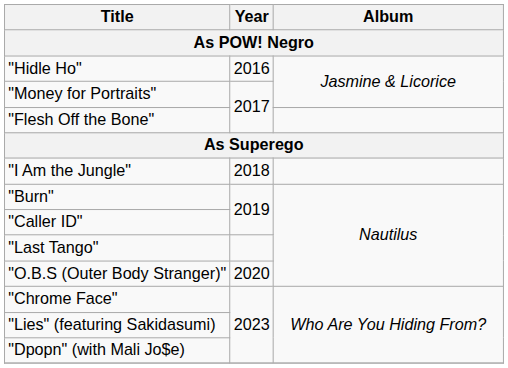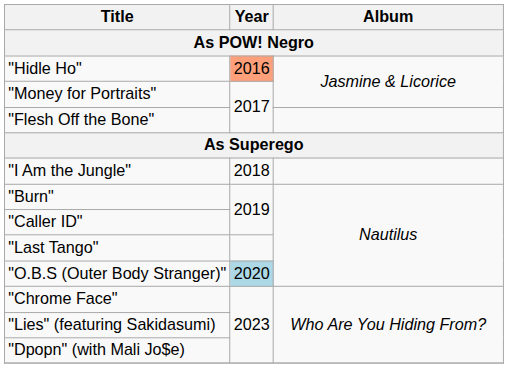 <table class="wikitable" style="text-align:center;">
 <tr>
 <th scope="col">Title</th>
 <th scope="col">Year</th>
 <th scope="col" width="220">Album</th>
 </tr>
 <tr>
 <th colspan="3">As <strong>POW! Negro</strong></th>
 </tr>
 <tr>
 <td align="left">"Hidle Ho"</td>
-<td>2016</td>
+<td style="background: lightsalmon;">2016</td>
 <td rowspan="2"><em>Jasmine & Licorice</em></td>
 </tr>
 <tr>
 <td align="left">"Money for Portraits"</td>
 <td rowspan="2">2017</td>
 </tr>
 <tr>
 <td align="left">"Flesh Off the Bone"</td>
 <td></td>
 </tr>
 <tr>
 <th colspan="3">As <strong>Superego</strong></th>
 </tr>
 <tr>
 <td align="left">"I Am the Jungle"</td>
 <td>2018</td>
 <td></td>
 </tr>
 <tr>
 <td align="left">"Burn"</td>
 <td rowspan="2">2019</td>
 <td rowspan="4"><em>Nautilus</em></td>
 </tr>
 <tr>
 <td align="left">"Caller ID"</td>
 </tr>
 <tr>
 <td align="left">"Last Tango" </td>
 </tr>
 <tr>
 <td align="left">"O.B.S (Outer Body Stranger)" </td>
-<td>2020</td>
+<td style="background: lightblue;">2020</td>
 </tr>
 <tr>
 <td align="left">"Chrome Face"</td>
 <td rowspan="3">2023</td>
 <td rowspan="3"><em>Who Are You Hiding From?</em></td>
 </tr>
 <tr>
 <td align="left">"Lies" (featuring Sakidasumi)</td>
 </tr>
 <tr>
 <td align="left">"Dpopn" (with Mali Jo$e)</td>
 </tr>
 <tr>
 </tr>
 </table>
